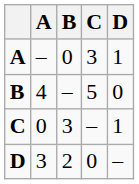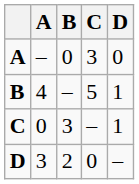 <table class="wikitable">
 <tr>
 <th></th>
 <th>A</th>
 <th>B</th>
 <th>C</th>
 <th>D</th>
 </tr>
 <tr>
 <td><strong>A</strong></td>
 <td>–</td>
 <td>0</td>
 <td>3</td>
-<td>1</td>
+<td>0</td>
 </tr>
 <tr>
 <td><strong>B</strong></td>
 <td>4</td>
 <td>–</td>
 <td>5</td>
-<td>0</td>
+<td>1</td>
 </tr>
 <tr>
 <td><strong>C</strong></td>
 <td>0</td>
 <td>3</td>
 <td>–</td>
 <td>1</td>
 </tr>
 <tr>
 <td><strong>D</strong></td>
 <td>3</td>
 <td>2</td>
 <td>0</td>
 <td>–</td>
 </tr>
 </table>
